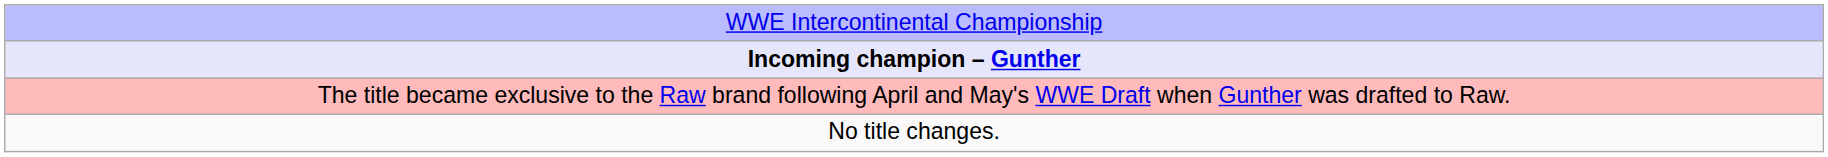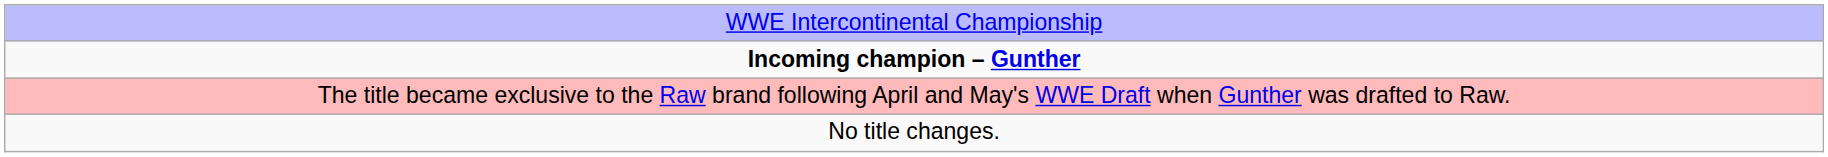 <table class="wikitable" style="text-align:center; width:100%;">
 <tr style="background:#BBF;">
 <td style="text-align: center;"><a href='#'>WWE Intercontinental Championship</a></td>
 </tr>
 <tr>
-<td style="background: lavender; text-align: center;"><strong>Incoming champion – <a href='#'>Gunther</a></strong></td>
+<td style="text-align: center;"><strong>Incoming champion – <a href='#'>Gunther</a></strong></td>
 </tr>
 <tr style="background:#FBB;">
 <td>The title became exclusive to the <a href='#'>Raw</a> brand following April and May's <a href='#'>WWE Draft</a> when <a href='#'>Gunther</a> was drafted to Raw.</td>
 </tr>
 <tr>
 <td>No title changes.</td>
 </tr>
 </table>
